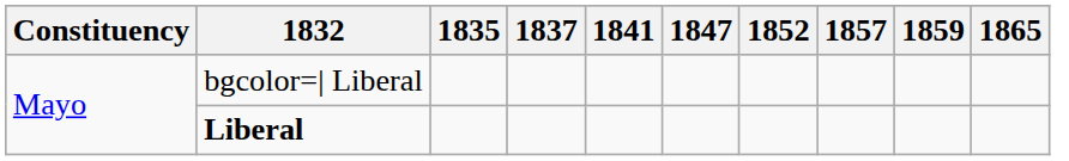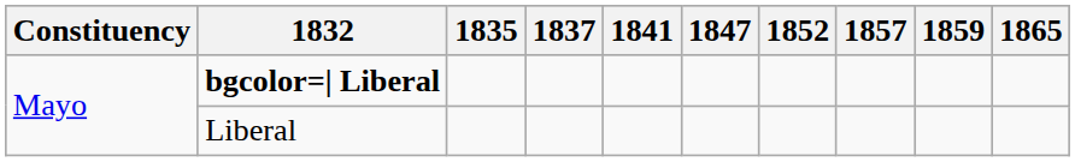 <table class=wikitable sortable>
 <tr>
 <th>Constituency</th>
 <th>1832</th>
 <th>1835</th>
 <th>1837</th>
 <th>1841</th>
 <th>1847</th>
 <th>1852</th>
 <th>1857</th>
 <th>1859</th>
 <th>1865</th>
 </tr>
 <tr>
 <td rowspan=2><a href='#'>Mayo</a></td>
-<td align=center>bgcolor=| Liberal</td>
+<td align=center><strong>bgcolor=| Liberal</strong></td>
 <td></td>
 <td></td>
 <td></td>
 <td></td>
 <td></td>
 <td></td>
 <td></td>
 <td></td>
 </tr>
 <tr>
-<td bgcolor=><strong>Liberal</strong></td>
+<td bgcolor=>Liberal</td>
 <td></td>
 <td></td>
 <td></td>
 <td></td>
 <td></td>
 <td></td>
 <td></td>
 <td></td>
 </tr>
 </table>
